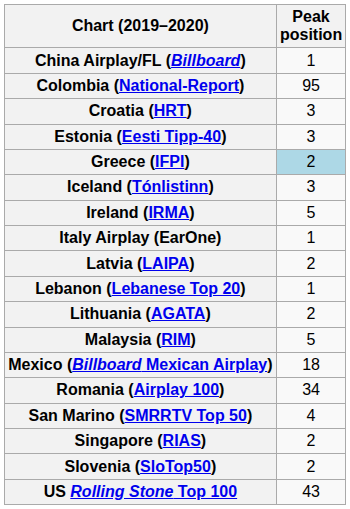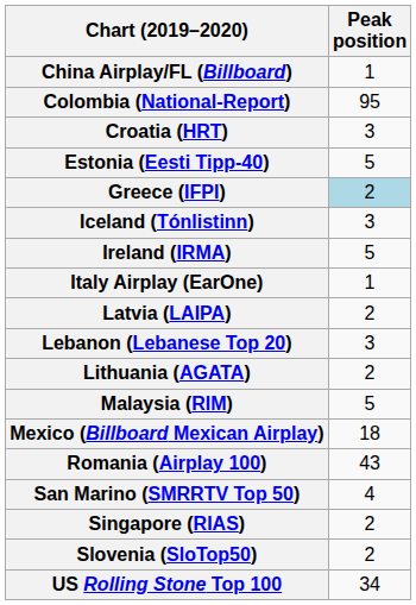 <table class="wikitable sortable plainrowheaders" style="text-align:center">
 <tr>
 <th scope="col">Chart (2019–2020)</th>
 <th scope="col">Peak<br>position</th>
 </tr>
 <tr>
 </tr>
 <tr>
 </tr>
 <tr>
 </tr>
 <tr>
 </tr>
 <tr>
 </tr>
 <tr>
 <th scope="row">China Airplay/FL (<em><a href='#'>Billboard</a></em>)</th>
 <td>1</td>
 </tr>
 <tr>
 <th scope="row">Colombia (<a href='#'>National-Report</a>)</th>
 <td>95</td>
 </tr>
 <tr>
 <th scope="row">Croatia (<a href='#'>HRT</a>)</th>
 <td>3</td>
 </tr>
 <tr>
 </tr>
 <tr>
 </tr>
 <tr>
 </tr>
 <tr>
 <th scope="row">Estonia (<a href='#'>Eesti Tipp-40</a>)</th>
-<td>3</td>
+<td>5</td>
 </tr>
 <tr>
 </tr>
 <tr>
 </tr>
 <tr>
 </tr>
 <tr>
 </tr>
 <tr>
 <th scope="row">Greece (<a href='#'>IFPI</a>)</th>
 <td style="background: lightblue;">2</td>
 </tr>
 <tr>
 </tr>
 <tr>
 </tr>
 <tr>
 </tr>
 <tr>
 <th scope="row">Iceland (<a href='#'>Tónlistinn</a>)</th>
 <td>3</td>
 </tr>
 <tr>
 <th scope="row">Ireland (<a href='#'>IRMA</a>)</th>
 <td>5</td>
 </tr>
 <tr>
 </tr>
 <tr>
 <th scope="row">Italy Airplay (EarOne)</th>
 <td>1</td>
 </tr>
 <tr>
 </tr>
 <tr>
 <th scope="row">Latvia (<a href='#'>LAIPA</a>)</th>
 <td>2</td>
 </tr>
 <tr>
 <th scope="row">Lebanon (<a href='#'>Lebanese Top 20</a>)</th>
-<td>1</td>
+<td>3</td>
 </tr>
 <tr>
 <th scope="row">Lithuania (<a href='#'>AGATA</a>)</th>
 <td>2</td>
 </tr>
 <tr>
 <th scope="row">Malaysia (<a href='#'>RIM</a>)</th>
 <td>5</td>
 </tr>
 <tr>
 <th scope="row">Mexico (<a href='#'><em>Billboard</em> Mexican   Airplay</a>)</th>
 <td>18</td>
 </tr>
 <tr>
 </tr>
 <tr>
 </tr>
 <tr>
 </tr>
 <tr>
 </tr>
 <tr>
 </tr>
 <tr>
 </tr>
 <tr>
 <th scope="row">Romania (<a href='#'>Airplay 100</a>)</th>
-<td>34</td>
+<td>43</td>
 </tr>
 <tr>
 </tr>
 <tr>
 <th scope="row">San Marino (<a href='#'>SMRRTV Top 50</a>)</th>
 <td>4</td>
 </tr>
 <tr>
 </tr>
 <tr>
 <th scope="row">Singapore (<a href='#'>RIAS</a>)</th>
 <td>2</td>
 </tr>
 <tr>
 </tr>
 <tr>
 </tr>
 <tr>
 <th scope="row">Slovenia (<a href='#'>SloTop50</a>)</th>
 <td>2</td>
 </tr>
 <tr>
 </tr>
 <tr>
 </tr>
 <tr>
 </tr>
 <tr>
 </tr>
 <tr>
 </tr>
 <tr>
 </tr>
 <tr>
 </tr>
 <tr>
 </tr>
 <tr>
 </tr>
 <tr>
 </tr>
 <tr>
 <th scope="row">US <a href='#'><em>Rolling Stone</em> Top 100</a></th>
-<td>43</td>
+<td>34</td>
 </tr>
 </table>
